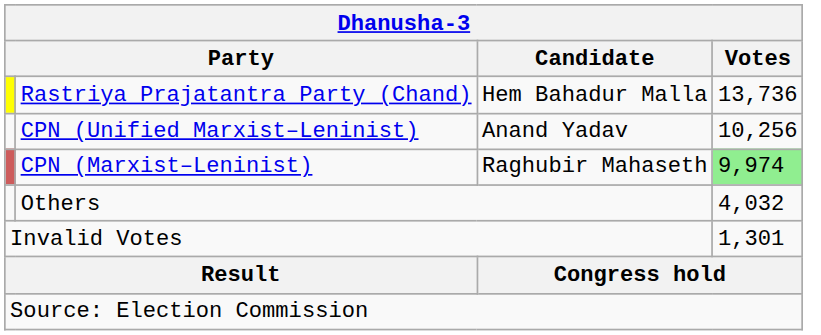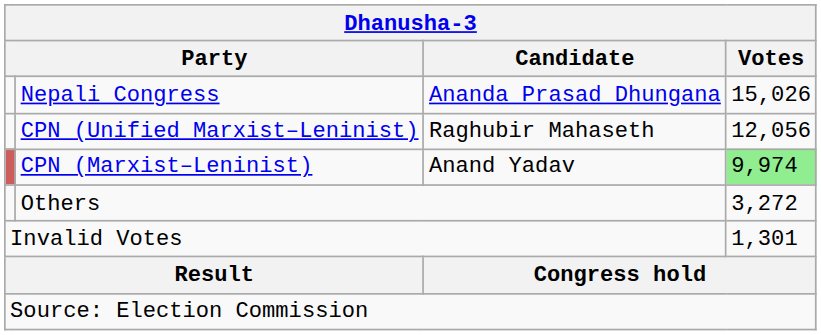 <table class="wikitable">
 <tr>
 <th colspan="4"><a href='#'>Dhanusha-3</a></th>
 </tr>
 <tr>
 <th colspan="2">Party</th>
 <th>Candidate</th>
 <th>Votes</th>
 </tr>
 <tr>
-<td style="background-color:yellow"></td>
-<td><a href='#'>Rastriya Prajatantra Party (Chand)</a></td>
-<td>Hem Bahadur Malla</td>
-<td>13,736</td>
+<td style="background-color:"></td>
+<td><a href='#'>Nepali Congress</a></td>
+<td><a href='#'>Ananda Prasad Dhungana</a></td>
+<td>15,026</td>
 </tr>
 <tr>
 <td style="background-color:"></td>
 <td><a href='#'>CPN (Unified Marxist–Leninist)</a></td>
-<td>Anand Yadav</td>
-<td>10,256</td>
+<td>Raghubir Mahaseth</td>
+<td>12,056</td>
 </tr>
 <tr>
 <td style="background-color:indianred"></td>
 <td><a href='#'>CPN (Marxist–Leninist)</a></td>
-<td>Raghubir Mahaseth</td>
+<td>Anand Yadav</td>
 <td style="background: lightgreen;">9,974</td>
 </tr>
 <tr>
 <td></td>
 <td colspan="2">Others</td>
-<td>4,032</td>
+<td>3,272</td>
 </tr>
 <tr>
 <td colspan="3">Invalid Votes</td>
 <td>1,301</td>
 </tr>
 <tr>
 <th colspan="2">Result</th>
 <th colspan="2">Congress hold</th>
 </tr>
 <tr>
 <td colspan="4">Source: Election Commission</td>
 </tr>
 </table>
